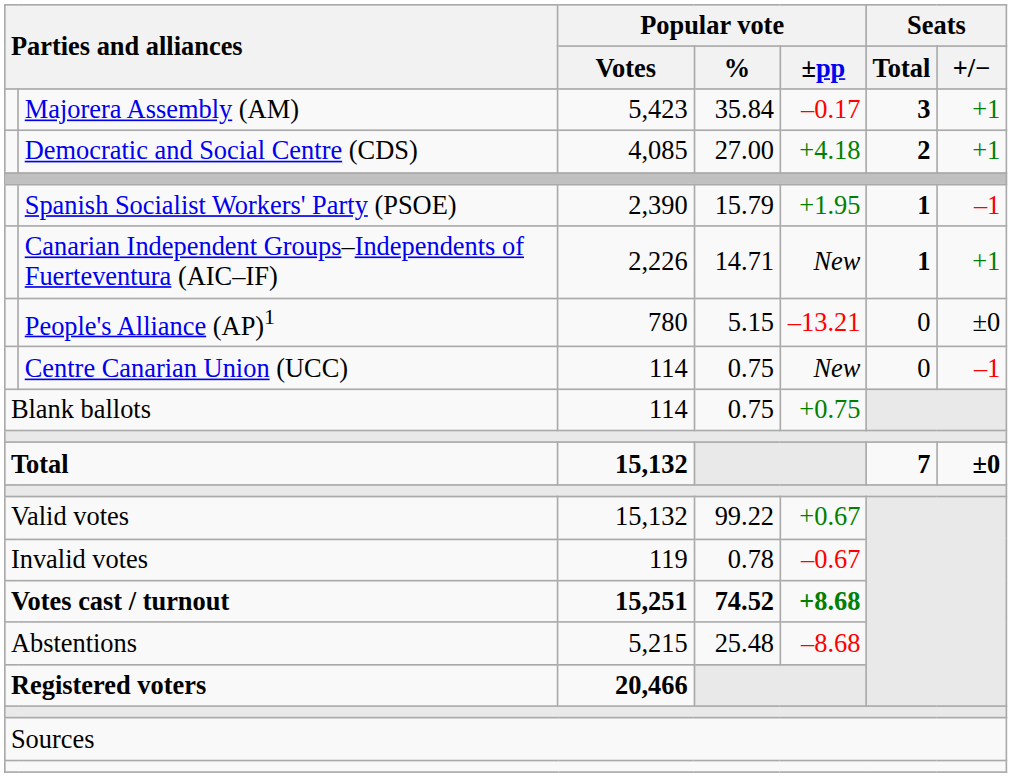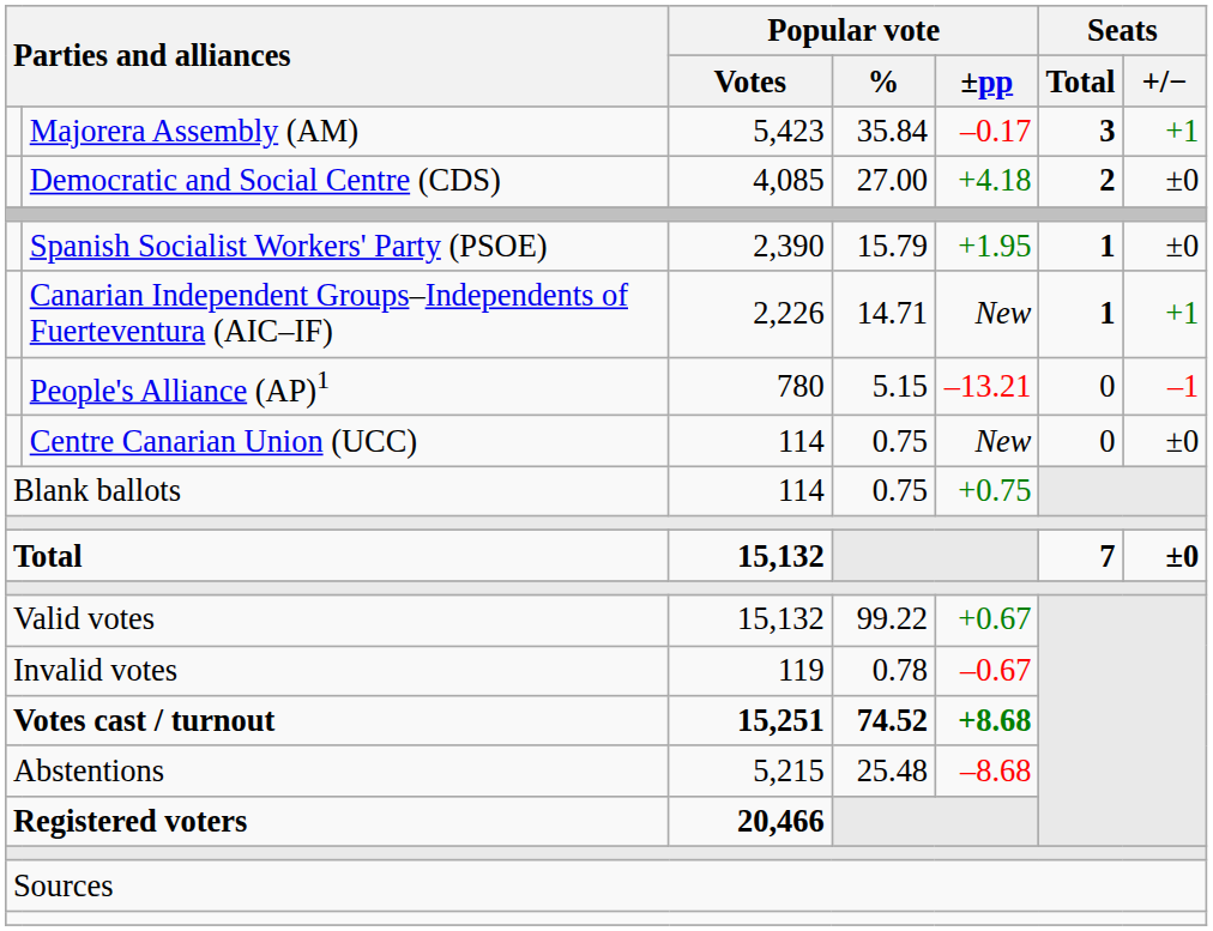 <table class="wikitable" style="text-align:right;">
 <tr>
 <th style="text-align:left;" rowspan="2" colspan="2" width="525">Parties and alliances</th>
 <th colspan="3">Popular vote</th>
 <th colspan="2">Seats</th>
 </tr>
 <tr>
 <th width="75">Votes</th>
 <th width="45">%</th>
 <th width="45">±<a href='#'>pp</a></th>
 <th width="35">Total</th>
 <th width="35">+/−</th>
 </tr>
 <tr>
 <td width="1" style="color:inherit;background:"></td>
 <td align="left"><a href='#'>Majorera Assembly</a> (AM)</td>
 <td>5,423</td>
 <td>35.84</td>
 <td style="color:red;">–0.17</td>
 <td><strong>3</strong></td>
 <td style="color:green;">+1</td>
 </tr>
 <tr>
 <td style="color:inherit;background:"></td>
 <td align="left"><a href='#'>Democratic and Social Centre</a> (CDS)</td>
 <td>4,085</td>
 <td>27.00</td>
 <td style="color:green;">+4.18</td>
 <td><strong>2</strong></td>
-<td style="color:green;">+1</td>
+<td>±0</td>
 </tr>
 <tr>
 <td colspan="7" bgcolor="#C0C0C0"></td>
 </tr>
 <tr>
 <td style="color:inherit;background:"></td>
 <td align="left"><a href='#'>Spanish Socialist Workers' Party</a> (PSOE)</td>
 <td>2,390</td>
 <td>15.79</td>
 <td style="color:green;">+1.95</td>
 <td><strong>1</strong></td>
-<td style="color:red;">–1</td>
+<td>±0</td>
 </tr>
 <tr>
 <td style="color:inherit;background:"></td>
 <td align="left"><a href='#'>Canarian Independent Groups</a>–<a href='#'>Independents of Fuerteventura</a> (AIC–IF)</td>
 <td>2,226</td>
 <td>14.71</td>
 <td><em>New</em></td>
 <td><strong>1</strong></td>
 <td style="color:green;">+1</td>
 </tr>
 <tr>
 <td style="color:inherit;background:"></td>
 <td align="left"><a href='#'>People's Alliance</a> (AP)<sup>1</sup></td>
 <td>780</td>
 <td>5.15</td>
 <td style="color:red;">–13.21</td>
 <td>0</td>
-<td>±0</td>
+<td style="color:red;">–1</td>
 </tr>
 <tr>
 <td style="color:inherit;background:"></td>
 <td align="left"><a href='#'>Centre Canarian Union</a> (UCC)</td>
 <td>114</td>
 <td>0.75</td>
 <td><em>New</em></td>
 <td>0</td>
-<td style="color:red;">–1</td>
+<td>±0</td>
 </tr>
 <tr>
 <td align="left" colspan="2">Blank ballots</td>
 <td>114</td>
 <td>0.75</td>
 <td style="color:green;">+0.75</td>
 <td bgcolor="#E9E9E9" colspan="2"></td>
 </tr>
 <tr>
 <td colspan="7" bgcolor="#E9E9E9"></td>
 </tr>
 <tr style="font-weight:bold;">
 <td align="left" colspan="2">Total</td>
 <td>15,132</td>
 <td bgcolor="#E9E9E9" colspan="2"></td>
 <td>7</td>
 <td>±0</td>
 </tr>
 <tr>
 <td colspan="7" bgcolor="#E9E9E9"></td>
 </tr>
 <tr>
 <td align="left" colspan="2">Valid votes</td>
 <td>15,132</td>
 <td>99.22</td>
 <td style="color:green;">+0.67</td>
 <td bgcolor="#E9E9E9" colspan="2" rowspan="5"></td>
 </tr>
 <tr>
 <td align="left" colspan="2">Invalid votes</td>
 <td>119</td>
 <td>0.78</td>
 <td style="color:red;">–0.67</td>
 </tr>
 <tr style="font-weight:bold;">
 <td align="left" colspan="2">Votes cast / turnout</td>
 <td>15,251</td>
 <td>74.52</td>
 <td style="color:green;">+8.68</td>
 </tr>
 <tr>
 <td align="left" colspan="2">Abstentions</td>
 <td>5,215</td>
 <td>25.48</td>
 <td style="color:red;">–8.68</td>
 </tr>
 <tr style="font-weight:bold;">
 <td align="left" colspan="2">Registered voters</td>
 <td>20,466</td>
 <td bgcolor="#E9E9E9" colspan="2"></td>
 </tr>
 <tr>
 <td colspan="7" bgcolor="#E9E9E9"></td>
 </tr>
 <tr>
 <td align="left" colspan="7">Sources</td>
 </tr>
 <tr>
 <td colspan="7" style="text-align:left; max-width:790px;"></td>
 </tr>
 </table>
